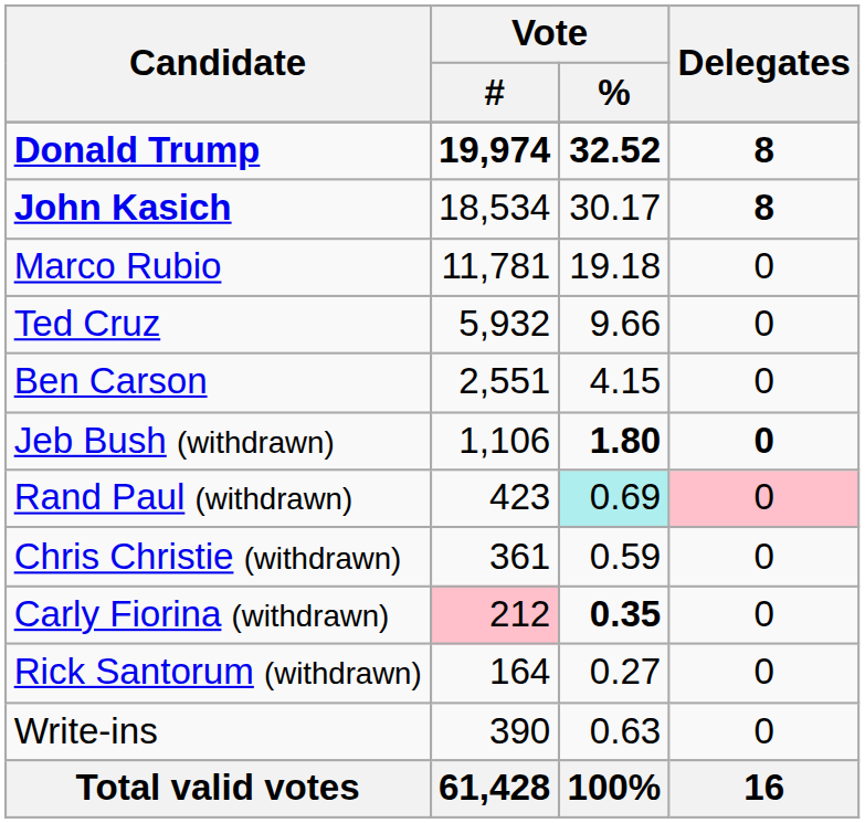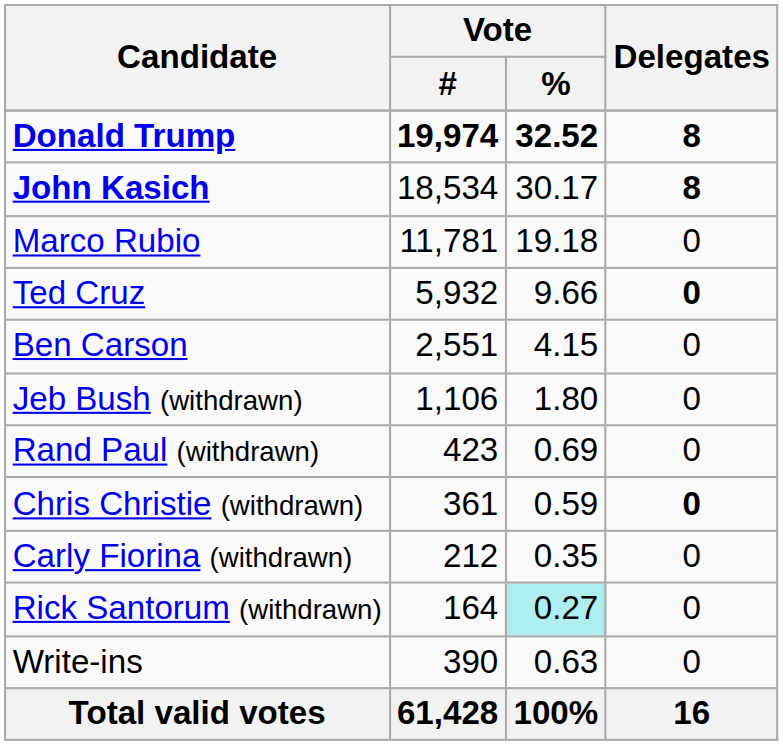 <table class="wikitable sortable plainrowheaders" style="text-align:right;">
 <tr>
 <th rowspan="2">Candidate</th>
 <th colspan="2">Vote</th>
 <th rowspan="2">Delegates</th>
 </tr>
 <tr>
 <th>#</th>
 <th>%</th>
 </tr>
 <tr>
 </tr>
 <tr>
 <td style="text-align:left;"><strong><a href='#'>Donald Trump</a></strong></td>
 <td><strong>19,974</strong></td>
 <td><strong>32.52</strong></td>
 <td style="text-align:center;"><strong>8</strong></td>
 </tr>
 <tr>
 <td style="text-align:left;"><strong><a href='#'>John Kasich</a></strong></td>
 <td>18,534</td>
 <td>30.17</td>
 <td style="text-align:center;"><strong>8</strong></td>
 </tr>
 <tr>
 <td style="text-align:left;"><a href='#'>Marco Rubio</a></td>
 <td>11,781</td>
 <td>19.18</td>
 <td style="text-align:center;">0</td>
 </tr>
 <tr>
 <td style="text-align:left;"><a href='#'>Ted Cruz</a></td>
 <td>5,932</td>
 <td>9.66</td>
-<td style="text-align:center;">0</td>
+<td style="text-align:center;"><strong>0</strong></td>
 </tr>
 <tr>
 <td style="text-align:left;"><a href='#'>Ben Carson</a></td>
 <td>2,551</td>
 <td>4.15</td>
 <td style="text-align:center;">0</td>
 </tr>
 <tr>
 <td style="text-align:left;"><a href='#'>Jeb Bush</a> <small>(withdrawn)</small></td>
 <td>1,106</td>
-<td><strong>1.80</strong></td>
-<td style="text-align:center;"><strong>0</strong></td>
+<td>1.80</td>
+<td style="text-align:center;">0</td>
 </tr>
 <tr>
 <td style="text-align:left;"><a href='#'>Rand Paul</a> <small>(withdrawn)</small></td>
 <td>423</td>
-<td style="background: paleturquoise;">0.69</td>
-<td style="background: pink; text-align:center;">0</td>
+<td>0.69</td>
+<td style="text-align:center;">0</td>
 </tr>
 <tr>
 <td style="text-align:left;"><a href='#'>Chris Christie</a> <small>(withdrawn)</small></td>
 <td>361</td>
 <td>0.59</td>
-<td style="text-align:center;">0</td>
+<td style="text-align:center;"><strong>0</strong></td>
 </tr>
 <tr>
 <td style="text-align:left;"><a href='#'>Carly Fiorina</a> <small>(withdrawn)</small></td>
-<td style="background: pink;">212</td>
-<td><strong>0.35</strong></td>
+<td>212</td>
+<td>0.35</td>
 <td style="text-align:center;">0</td>
 </tr>
 <tr>
 <td style="text-align:left;"><a href='#'>Rick Santorum</a> <small>(withdrawn)</small></td>
 <td>164</td>
-<td>0.27</td>
+<td style="background: paleturquoise;">0.27</td>
 <td style="text-align:center;">0</td>
 </tr>
 <tr>
 <td style="text-align:left;">Write-ins</td>
 <td>390</td>
 <td>0.63</td>
 <td style="text-align:center;">0</td>
 </tr>
 <tr class="sortbottom">
 <th>Total valid votes</th>
 <th>61,428</th>
 <th>100%</th>
 <th>16</th>
 </tr>
 </table>
